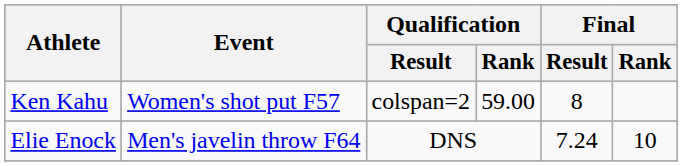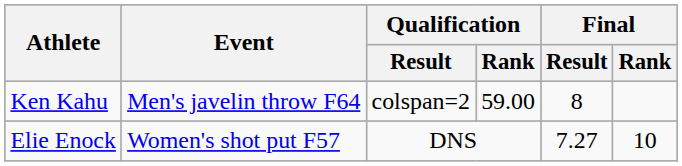 <table class="wikitable" style="text-align: center; font-size:90%">
 <tr>
 <th rowspan="2">Athlete</th>
 <th rowspan="2">Event</th>
 <th colspan="2">Qualification</th>
 <th colspan="2">Final</th>
 </tr>
 <tr style="font-size:95%">
 <th>Result</th>
 <th>Rank</th>
 <th>Result</th>
 <th>Rank</th>
 </tr>
 <tr align=center>
 <td align=left><a href='#'>Ken Kahu</a></td>
-<td align=left><a href='#'>Women's shot put F57</a></td>
+<td align=left><a href='#'>Men's javelin throw F64</a></td>
 <td>colspan=2 </td>
 <td>59.00 <strong></strong></td>
 <td>8</td>
 </tr>
 <tr align=center>
 <td align=left><a href='#'>Elie Enock</a></td>
-<td align=left><a href='#'>Men's javelin throw F64</a></td>
+<td align=left><a href='#'>Women's shot put F57</a></td>
 <td colspan=2>DNS</td>
-<td>7.24 <strong></strong></td>
+<td>7.27 <strong></strong></td>
 <td>10</td>
 </tr>
 </table>
